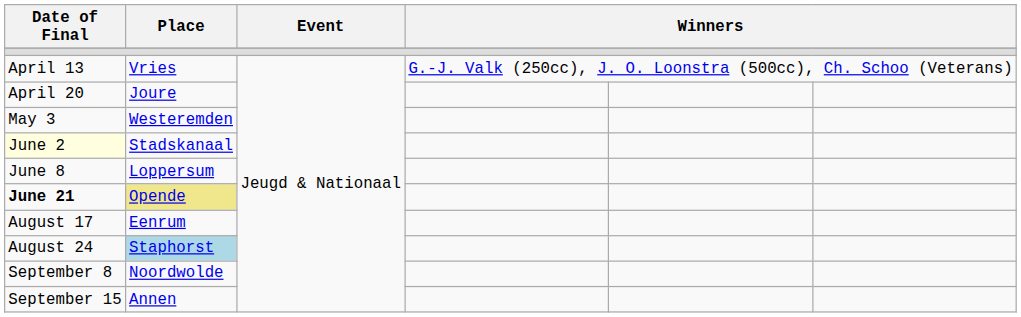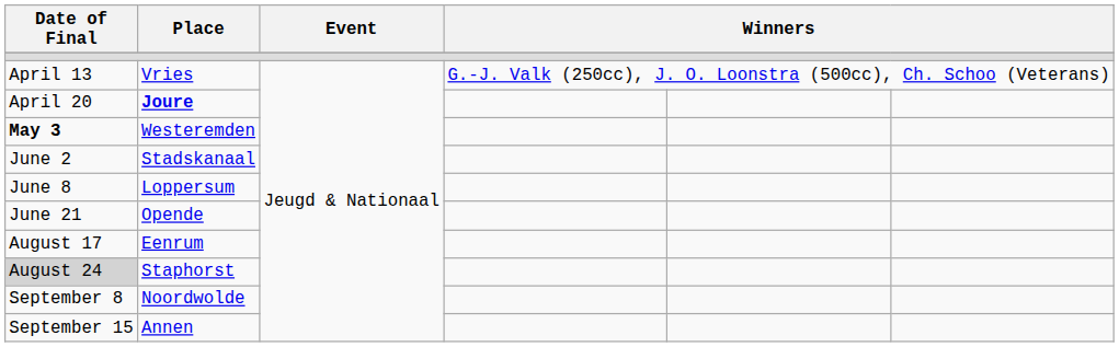 <table class=wikitable style="font-size:13px">
 <tr>
 <th>Date of<br>Final</th>
 <th>Place</th>
 <th>Event</th>
 <th colspan=3>Winners</th>
 </tr>
 <tr>
 </tr>
 <tr bgcolor=#DDDDDD>
 <td colspan=7></td>
 </tr>
 <tr>
 <td>April 13</td>
 <td> <a href='#'>Vries</a></td>
 <td rowspan=10>Jeugd & Nationaal</td>
 <td colspan=3> <a href='#'>G.-J. Valk</a> (250cc),  <a href='#'>J. O. Loonstra</a> (500cc),  <a href='#'>Ch. Schoo</a> (Veterans)</td>
 </tr>
 <tr>
 <td>April 20</td>
-<td> <a href='#'>Joure</a></td>
+<td><strong> <a href='#'>Joure</a></strong></td>
 <td></td>
 <td></td>
 <td></td>
 </tr>
 <tr>
-<td>May 3</td>
+<td><strong>May 3</strong></td>
 <td> <a href='#'>Westeremden</a></td>
 <td></td>
 <td></td>
 <td></td>
 </tr>
 <tr>
-<td style="background: lightyellow;">June 2</td>
+<td>June 2</td>
 <td> <a href='#'>Stadskanaal</a></td>
 <td></td>
 <td></td>
 <td></td>
 </tr>
 <tr>
 <td>June 8</td>
 <td> <a href='#'>Loppersum</a></td>
 <td></td>
 <td></td>
 <td></td>
 </tr>
 <tr>
-<td><strong>June 21</strong></td>
-<td style="background: khaki;"> <a href='#'>Opende</a></td>
+<td>June 21</td>
+<td> <a href='#'>Opende</a></td>
 <td></td>
 <td></td>
 <td></td>
 </tr>
 <tr>
 <td>August 17</td>
 <td> <a href='#'>Eenrum</a></td>
 <td></td>
 <td></td>
 <td></td>
 </tr>
 <tr>
-<td>August 24</td>
-<td style="background: lightblue;"> <a href='#'>Staphorst</a></td>
+<td style="background: lightgrey;">August 24</td>
+<td> <a href='#'>Staphorst</a></td>
 <td></td>
 <td></td>
 <td></td>
 </tr>
 <tr>
 <td>September 8</td>
 <td> <a href='#'>Noordwolde</a></td>
 <td></td>
 <td></td>
 <td></td>
 </tr>
 <tr>
 <td>September 15</td>
 <td> <a href='#'>Annen</a></td>
 <td></td>
 <td></td>
 <td></td>
 </tr>
 </table>
